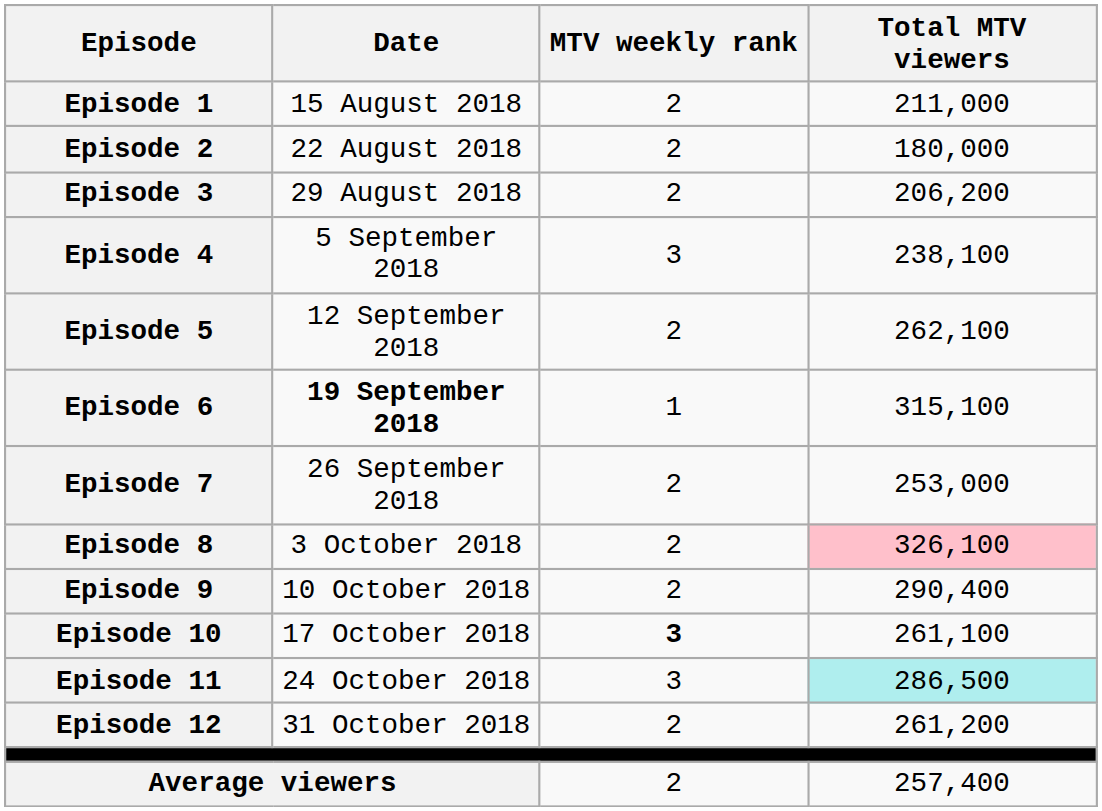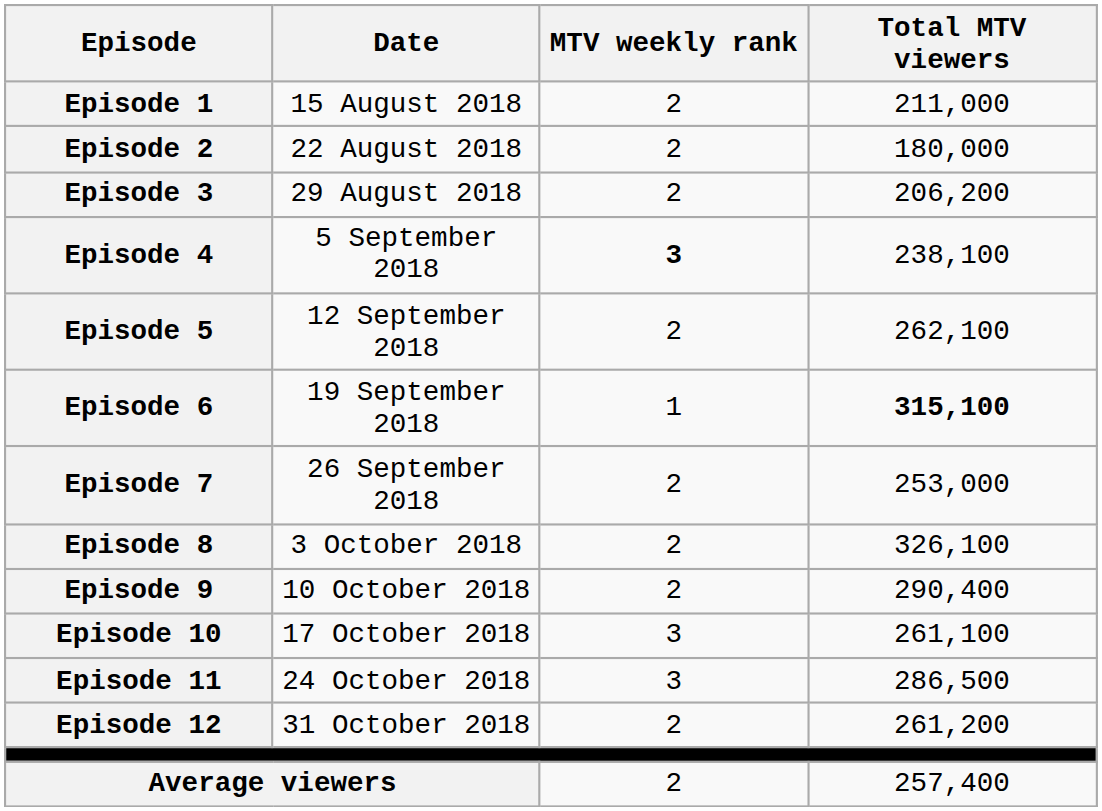 <table class="wikitable sortable" style="text-align:center">
 <tr>
 <th scope="col" style="width:120px;">Episode</th>
 <th scope="col" style="width:120px;">Date</th>
 <th scope="col" style="width:120px;">MTV weekly rank</th>
 <th scope="col" style="width:130px;">Total MTV viewers</th>
 </tr>
 <tr>
 <th scope="row">Episode 1</th>
 <td>15 August 2018</td>
 <td>2</td>
 <td>211,000</td>
 </tr>
 <tr>
 <th scope="row">Episode 2</th>
 <td>22 August 2018</td>
 <td>2</td>
 <td>180,000</td>
 </tr>
 <tr>
 <th scope="row">Episode 3</th>
 <td>29 August 2018</td>
 <td>2</td>
 <td>206,200</td>
 </tr>
 <tr>
 <th scope="row">Episode 4</th>
 <td>5 September 2018</td>
-<td>3</td>
+<td><strong>3</strong></td>
 <td>238,100</td>
 </tr>
 <tr>
 <th scope="row">Episode 5</th>
 <td>12 September 2018</td>
 <td>2</td>
 <td>262,100</td>
 </tr>
 <tr>
 <th scope="row">Episode 6</th>
-<td><strong>19 September 2018</strong></td>
+<td>19 September 2018</td>
 <td>1</td>
-<td>315,100</td>
+<td><strong>315,100</strong></td>
 </tr>
 <tr>
 <th scope="row">Episode 7</th>
 <td>26 September 2018</td>
 <td>2</td>
 <td>253,000</td>
 </tr>
 <tr>
 <th scope="row">Episode 8</th>
 <td>3 October 2018</td>
 <td>2</td>
-<td style="background: pink;">326,100</td>
+<td>326,100</td>
 </tr>
 <tr>
 <th scope="row">Episode 9</th>
 <td>10 October 2018</td>
 <td>2</td>
 <td>290,400</td>
 </tr>
 <tr>
 <th scope="row">Episode 10</th>
 <td>17 October 2018</td>
-<td><strong>3</strong></td>
+<td>3</td>
 <td>261,100</td>
 </tr>
 <tr>
 <th scope="row">Episode 11</th>
 <td>24 October 2018</td>
 <td>3</td>
-<td style="background: paleturquoise;">286,500</td>
+<td>286,500</td>
 </tr>
 <tr>
 <th scope="row">Episode 12</th>
 <td>31 October 2018</td>
 <td>2</td>
 <td>261,200</td>
 </tr>
 <tr>
 <th style="background:#000;" colspan="6"></th>
 </tr>
 <tr>
 <th colspan="2"><strong>Average viewers</strong></th>
 <td>2</td>
 <td>257,400</td>
 </tr>
 </table>
